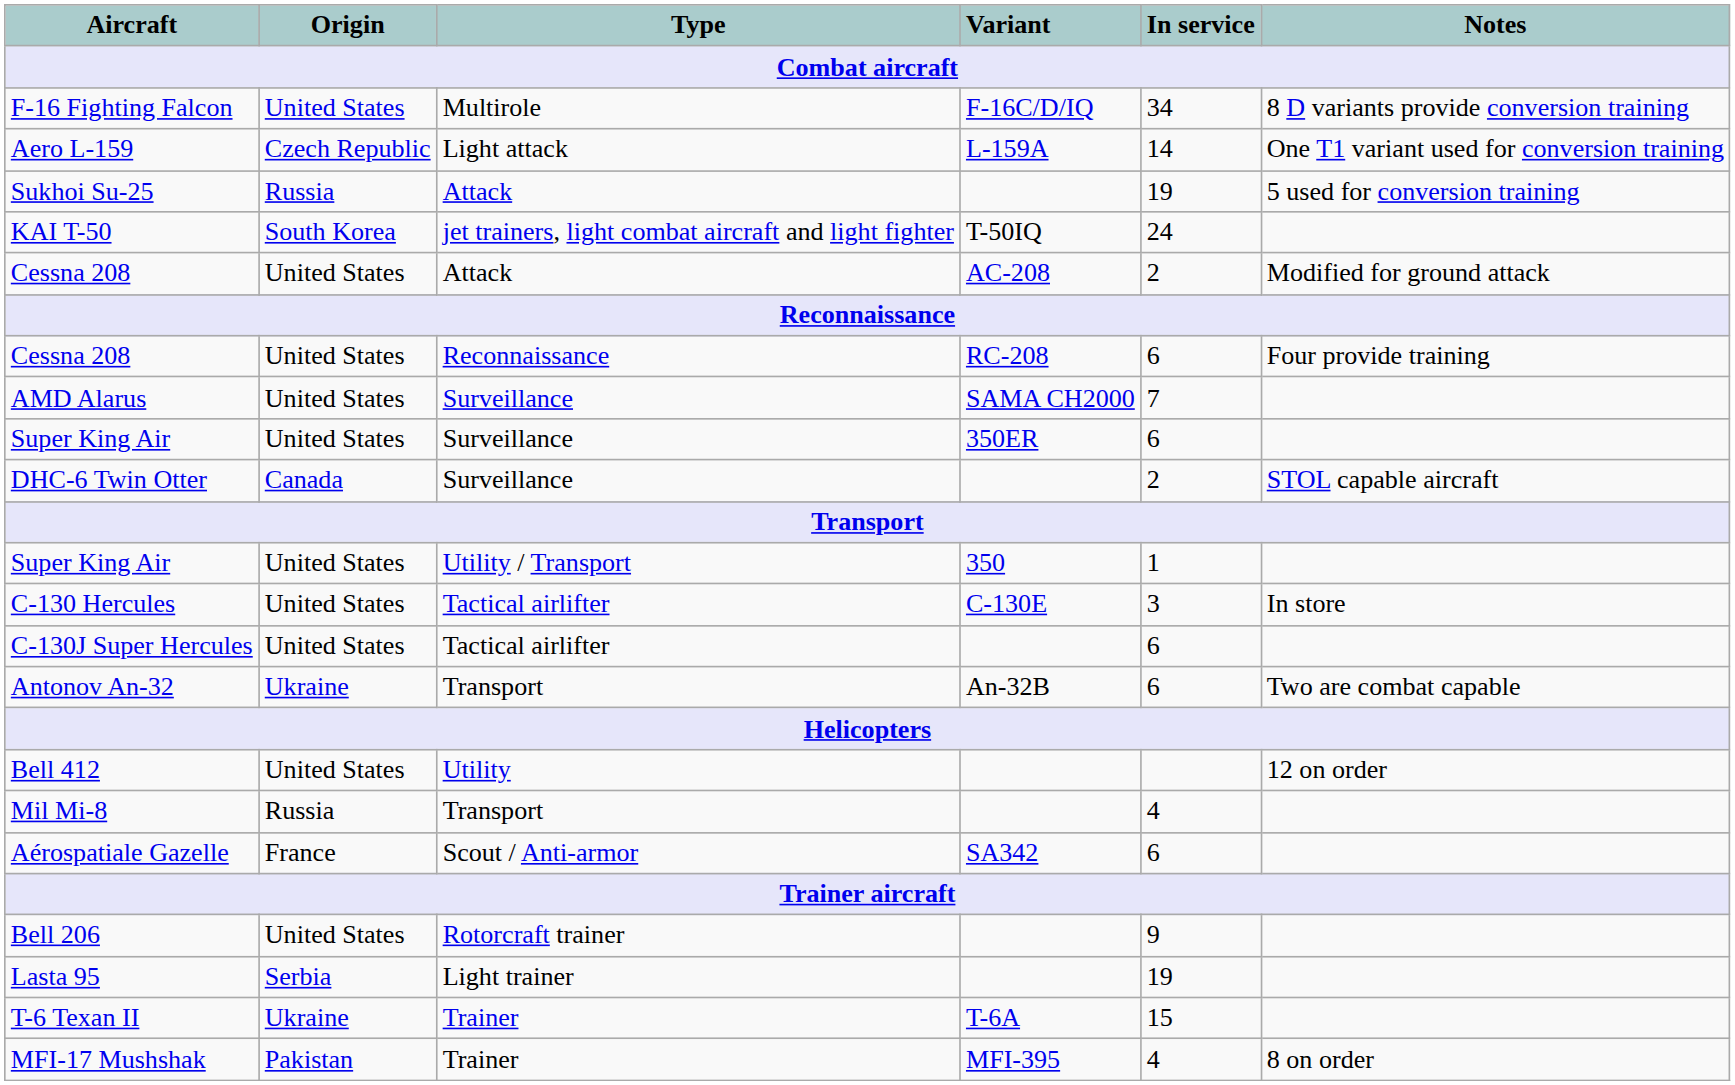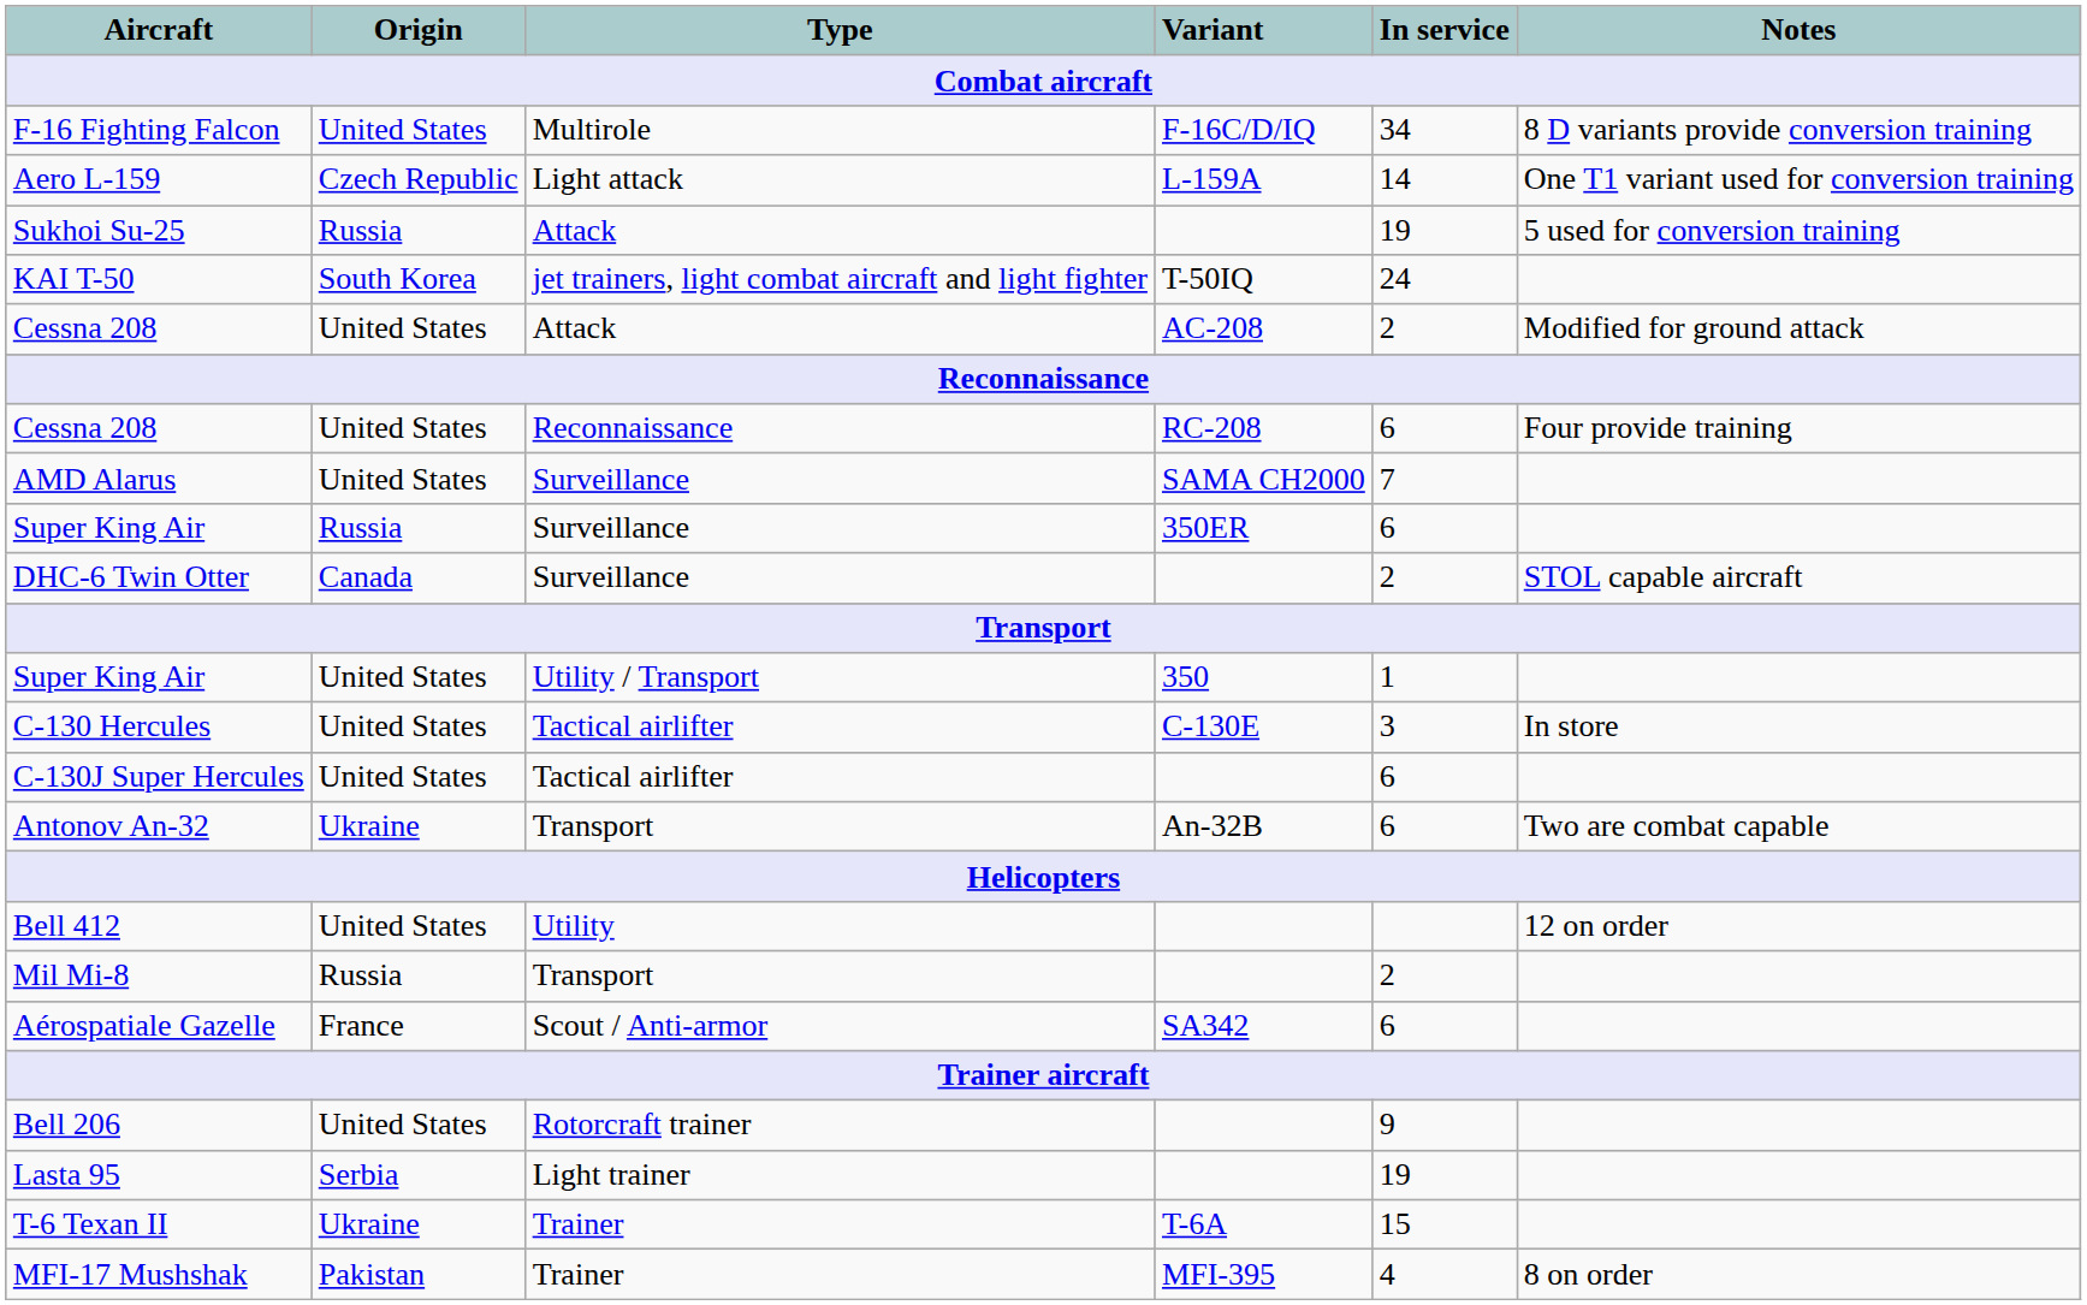 <table class="wikitable">
 <tr>
 <th style="text-align:center; background:#acc;">Aircraft</th>
 <th style="text-align: center; background:#acc;">Origin</th>
 <th style="text-align:l center; background:#acc;">Type</th>
 <th style="text-align:left; background:#acc;">Variant</th>
 <th style="text-align:center; background:#acc;">In service</th>
 <th style="text-align: center; background:#acc;">Notes</th>
 </tr>
 <tr>
 <th style="align: center; background: lavender;" colspan="6"><a href='#'>Combat aircraft</a></th>
 </tr>
 <tr>
 <td><a href='#'> F-16 Fighting Falcon</a></td>
 <td><a href='#'>United States</a></td>
 <td>Multirole</td>
 <td><a href='#'>F-16C/D/IQ</a></td>
 <td>34</td>
 <td>8 <a href='#'>D</a> variants provide <a href='#'>conversion training</a></td>
 </tr>
 <tr>
 <td><a href='#'>Aero L-159</a></td>
 <td><a href='#'>Czech Republic</a></td>
 <td>Light attack</td>
 <td><a href='#'>L-159A</a></td>
 <td>14</td>
 <td>One <a href='#'>T1</a> variant used for <a href='#'>conversion training</a></td>
 </tr>
 <tr>
 <td><a href='#'>Sukhoi Su-25</a></td>
 <td><a href='#'>Russia</a></td>
 <td><a href='#'>Attack</a></td>
 <td></td>
 <td>19</td>
 <td>5 used for <a href='#'>conversion training</a></td>
 </tr>
 <tr>
 <td><a href='#'>KAI T-50</a></td>
 <td><a href='#'>South Korea</a></td>
 <td><a href='#'>jet trainers</a>, <a href='#'>light combat aircraft</a> and <a href='#'>light fighter</a></td>
 <td>T-50IQ</td>
 <td>24</td>
 <td></td>
 </tr>
 <tr>
 <td><a href='#'>Cessna 208</a></td>
 <td>United States</td>
 <td>Attack</td>
 <td><a href='#'>AC-208</a></td>
 <td>2</td>
 <td>Modified for ground attack</td>
 </tr>
 <tr>
 <th style="align: center; background: lavender;" colspan="6"><a href='#'> Reconnaissance</a></th>
 </tr>
 <tr>
 <td><a href='#'>Cessna 208</a></td>
 <td>United States</td>
 <td><a href='#'>Reconnaissance</a></td>
 <td><a href='#'>RC-208</a></td>
 <td>6</td>
 <td>Four provide training</td>
 </tr>
 <tr>
 <td><a href='#'>AMD Alarus</a></td>
 <td>United States</td>
 <td><a href='#'>Surveillance</a></td>
 <td><a href='#'>SAMA CH2000</a></td>
 <td>7</td>
 <td></td>
 </tr>
 <tr>
 <td><a href='#'>Super King Air</a></td>
-<td>United States</td>
+<td><a href='#'>Russia</a></td>
 <td>Surveillance</td>
 <td><a href='#'>350ER</a></td>
 <td>6</td>
 <td></td>
 </tr>
 <tr>
 <td><a href='#'>DHC-6 Twin Otter</a></td>
 <td><a href='#'>Canada</a></td>
 <td>Surveillance</td>
 <td></td>
 <td>2</td>
 <td><a href='#'>STOL</a> capable aircraft</td>
 </tr>
 <tr>
 <th style="align: center; background: lavender;" colspan="6"><a href='#'>Transport</a></th>
 </tr>
 <tr>
 <td><a href='#'>Super King Air</a></td>
 <td>United States</td>
 <td><a href='#'>Utility</a> / <a href='#'>Transport</a></td>
 <td><a href='#'> 350</a></td>
 <td>1</td>
 <td></td>
 </tr>
 <tr>
 <td><a href='#'>C-130 Hercules</a></td>
 <td>United States</td>
 <td><a href='#'>Tactical airlifter</a></td>
 <td><a href='#'>C-130E</a></td>
 <td>3</td>
 <td>In store</td>
 </tr>
 <tr>
 <td><a href='#'>C-130J Super Hercules</a></td>
 <td>United States</td>
 <td>Tactical airlifter</td>
 <td></td>
 <td>6</td>
 <td></td>
 </tr>
 <tr>
 <td><a href='#'>Antonov An-32</a></td>
 <td><a href='#'>Ukraine</a></td>
 <td>Transport</td>
 <td>An-32B</td>
 <td>6</td>
 <td>Two are combat capable</td>
 </tr>
 <tr>
 <th style="align: center; background: lavender;" colspan="6"><a href='#'>Helicopters</a></th>
 </tr>
 <tr>
 <td><a href='#'>Bell 412</a></td>
 <td>United States</td>
 <td><a href='#'>Utility</a></td>
 <td></td>
 <td></td>
 <td>12 on order</td>
 </tr>
 <tr>
 <td><a href='#'>Mil Mi-8</a></td>
 <td>Russia</td>
 <td>Transport</td>
 <td></td>
-<td>4</td>
+<td>2</td>
 <td></td>
 </tr>
 <tr>
 <td><a href='#'>Aérospatiale Gazelle</a></td>
 <td>France</td>
 <td>Scout / <a href='#'>Anti-armor</a></td>
 <td><a href='#'>SA342</a></td>
 <td>6</td>
 <td></td>
 </tr>
 <tr>
 <th style="align: center; background: lavender;" colspan="6"><a href='#'>Trainer aircraft</a></th>
 </tr>
 <tr>
 <td><a href='#'>Bell 206</a></td>
 <td>United States</td>
 <td><a href='#'>Rotorcraft</a> trainer</td>
 <td></td>
 <td>9</td>
 <td></td>
 </tr>
 <tr>
 <td><a href='#'>Lasta 95</a></td>
 <td><a href='#'>Serbia</a></td>
 <td>Light trainer</td>
 <td></td>
 <td>19</td>
 <td></td>
 </tr>
 <tr>
 <td><a href='#'>T-6 Texan II</a></td>
 <td><a href='#'>Ukraine</a></td>
 <td><a href='#'>Trainer</a></td>
 <td><a href='#'>T-6A</a></td>
 <td>15</td>
 <td></td>
 </tr>
 <tr>
 <td><a href='#'>MFI-17 Mushshak</a></td>
 <td><a href='#'>Pakistan</a></td>
 <td>Trainer</td>
 <td><a href='#'>MFI-395</a></td>
 <td>4</td>
 <td>8 on order</td>
 </tr>
 <tr>
 </tr>
 </table>
